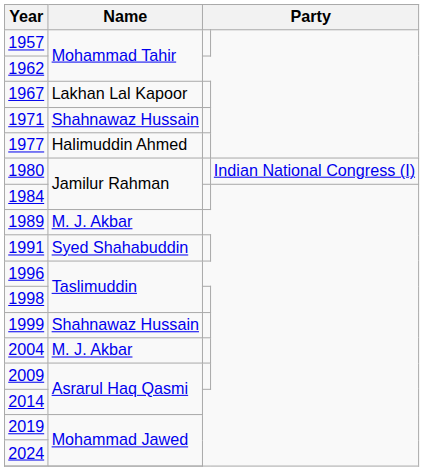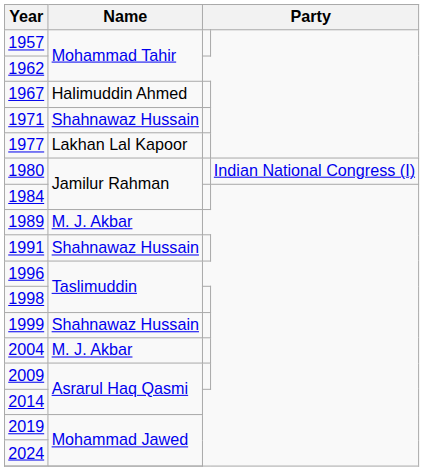 <table class="wikitable">
 <tr>
 <th>Year</th>
 <th>Name</th>
 <th colspan="2">Party</th>
 </tr>
 <tr>
 <td><a href='#'>1957</a></td>
 <td rowspan="2"><a href='#'>Mohammad Tahir</a></td>
 <td></td>
 </tr>
 <tr>
 <td><a href='#'>1962</a></td>
 </tr>
 <tr>
 <td><a href='#'>1967</a></td>
-<td>Lakhan Lal Kapoor</td>
+<td>Halimuddin Ahmed</td>
 <td></td>
 </tr>
 <tr>
 <td><a href='#'>1971</a></td>
 <td><a href='#'>Shahnawaz Hussain</a></td>
 <td></td>
 </tr>
 <tr>
 <td><a href='#'>1977</a></td>
-<td>Halimuddin Ahmed</td>
+<td>Lakhan Lal Kapoor</td>
 <td></td>
 </tr>
 <tr>
 <td><a href='#'>1980</a></td>
 <td rowspan="2">Jamilur Rahman</td>
 <td style="background-color: "></td>
 <td><a href='#'>Indian National Congress (I)</a></td>
 </tr>
 <tr>
 <td><a href='#'>1984</a></td>
 <td></td>
 </tr>
 <tr>
 <td><a href='#'>1989</a></td>
 <td><a href='#'>M. J. Akbar</a></td>
 </tr>
 <tr>
 <td><a href='#'>1991</a></td>
-<td><a href='#'>Syed Shahabuddin</a></td>
+<td><a href='#'>Shahnawaz Hussain</a></td>
 <td></td>
 </tr>
 <tr>
 <td><a href='#'>1996</a></td>
 <td rowspan="2"><a href='#'>Taslimuddin</a></td>
 </tr>
 <tr>
 <td><a href='#'>1998</a></td>
 <td></td>
 </tr>
 <tr>
 <td><a href='#'>1999</a></td>
 <td><a href='#'>Shahnawaz Hussain</a></td>
 <td></td>
 </tr>
 <tr>
 <td><a href='#'>2004</a></td>
 <td><a href='#'>M. J. Akbar</a></td>
 <td></td>
 </tr>
 <tr>
 <td><a href='#'>2009</a></td>
 <td rowspan="2"><a href='#'>Asrarul Haq Qasmi</a></td>
 <td></td>
 </tr>
 <tr>
 <td><a href='#'>2014</a></td>
 </tr>
 <tr>
 <td><a href='#'>2019</a></td>
 <td rowspan=2><a href='#'>Mohammad Jawed</a></td>
 </tr>
 <tr>
 <td><a href='#'>2024</a></td>
 </tr>
 <tr>
 </tr>
 </table>
